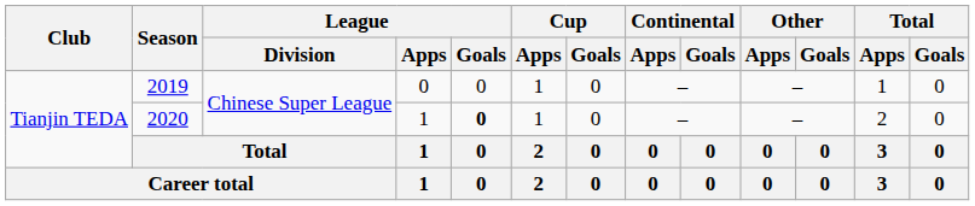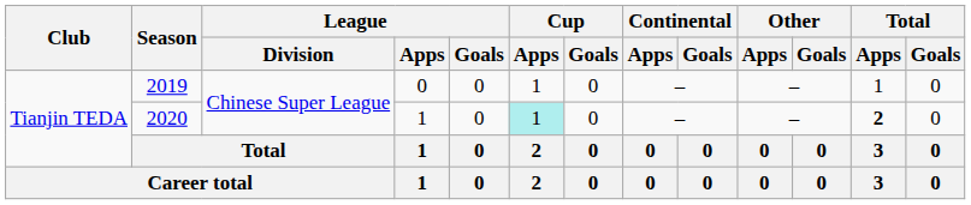 <table class="wikitable" style="text-align: center">
 <tr>
 <th rowspan="2">Club</th>
 <th rowspan="2">Season</th>
 <th colspan="3">League</th>
 <th colspan="2">Cup</th>
 <th colspan="2">Continental</th>
 <th colspan="2">Other</th>
 <th colspan="2">Total</th>
 </tr>
 <tr>
 <th>Division</th>
 <th>Apps</th>
 <th>Goals</th>
 <th>Apps</th>
 <th>Goals</th>
 <th>Apps</th>
 <th>Goals</th>
 <th>Apps</th>
 <th>Goals</th>
 <th>Apps</th>
 <th>Goals</th>
 </tr>
 <tr>
 <td rowspan=3><a href='#'>Tianjin TEDA</a></td>
 <td><a href='#'>2019</a></td>
 <td rowspan=2><a href='#'>Chinese Super League</a></td>
 <td>0</td>
 <td>0</td>
 <td>1</td>
 <td>0</td>
 <td colspan="2">–</td>
 <td colspan="2">–</td>
 <td>1</td>
 <td>0</td>
 </tr>
 <tr>
 <td><a href='#'>2020</a></td>
 <td>1</td>
-<td><strong>0</strong></td>
-<td>1</td>
+<td>0</td>
+<td style="background: paleturquoise;">1</td>
 <td>0</td>
 <td colspan="2">–</td>
 <td colspan="2">–</td>
-<td>2</td>
+<td><strong>2</strong></td>
 <td>0</td>
 </tr>
 <tr>
 <th colspan=2>Total</th>
 <th>1</th>
 <th>0</th>
 <th>2</th>
 <th>0</th>
 <th>0</th>
 <th>0</th>
 <th>0</th>
 <th>0</th>
 <th>3</th>
 <th>0</th>
 </tr>
 <tr>
 <th colspan=3>Career total</th>
 <th>1</th>
 <th>0</th>
 <th>2</th>
 <th>0</th>
 <th>0</th>
 <th>0</th>
 <th>0</th>
 <th>0</th>
 <th>3</th>
 <th>0</th>
 </tr>
 </table>
